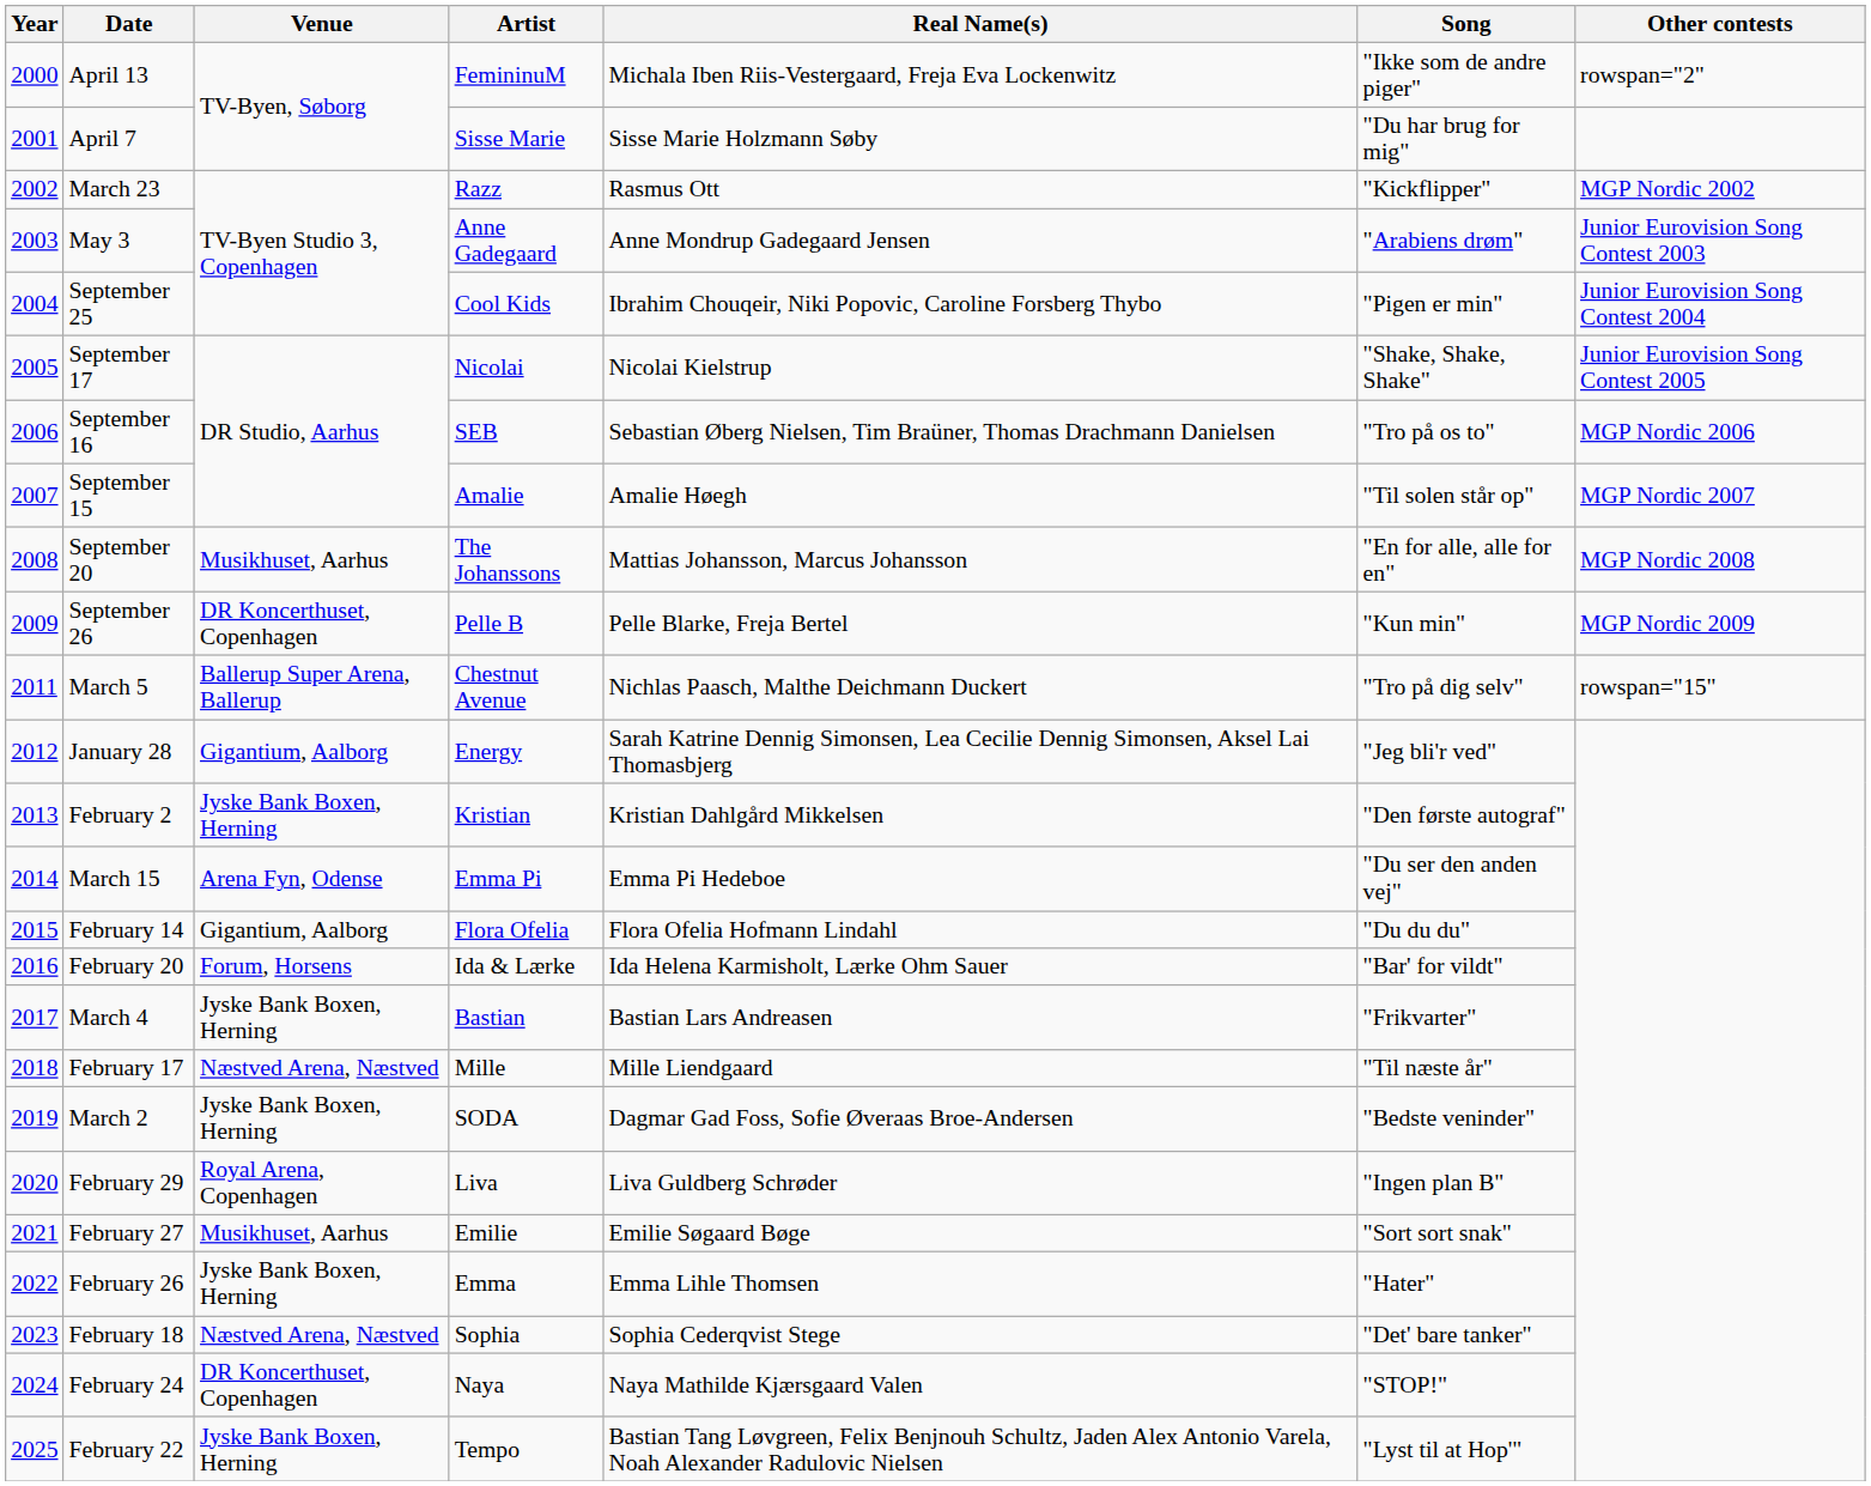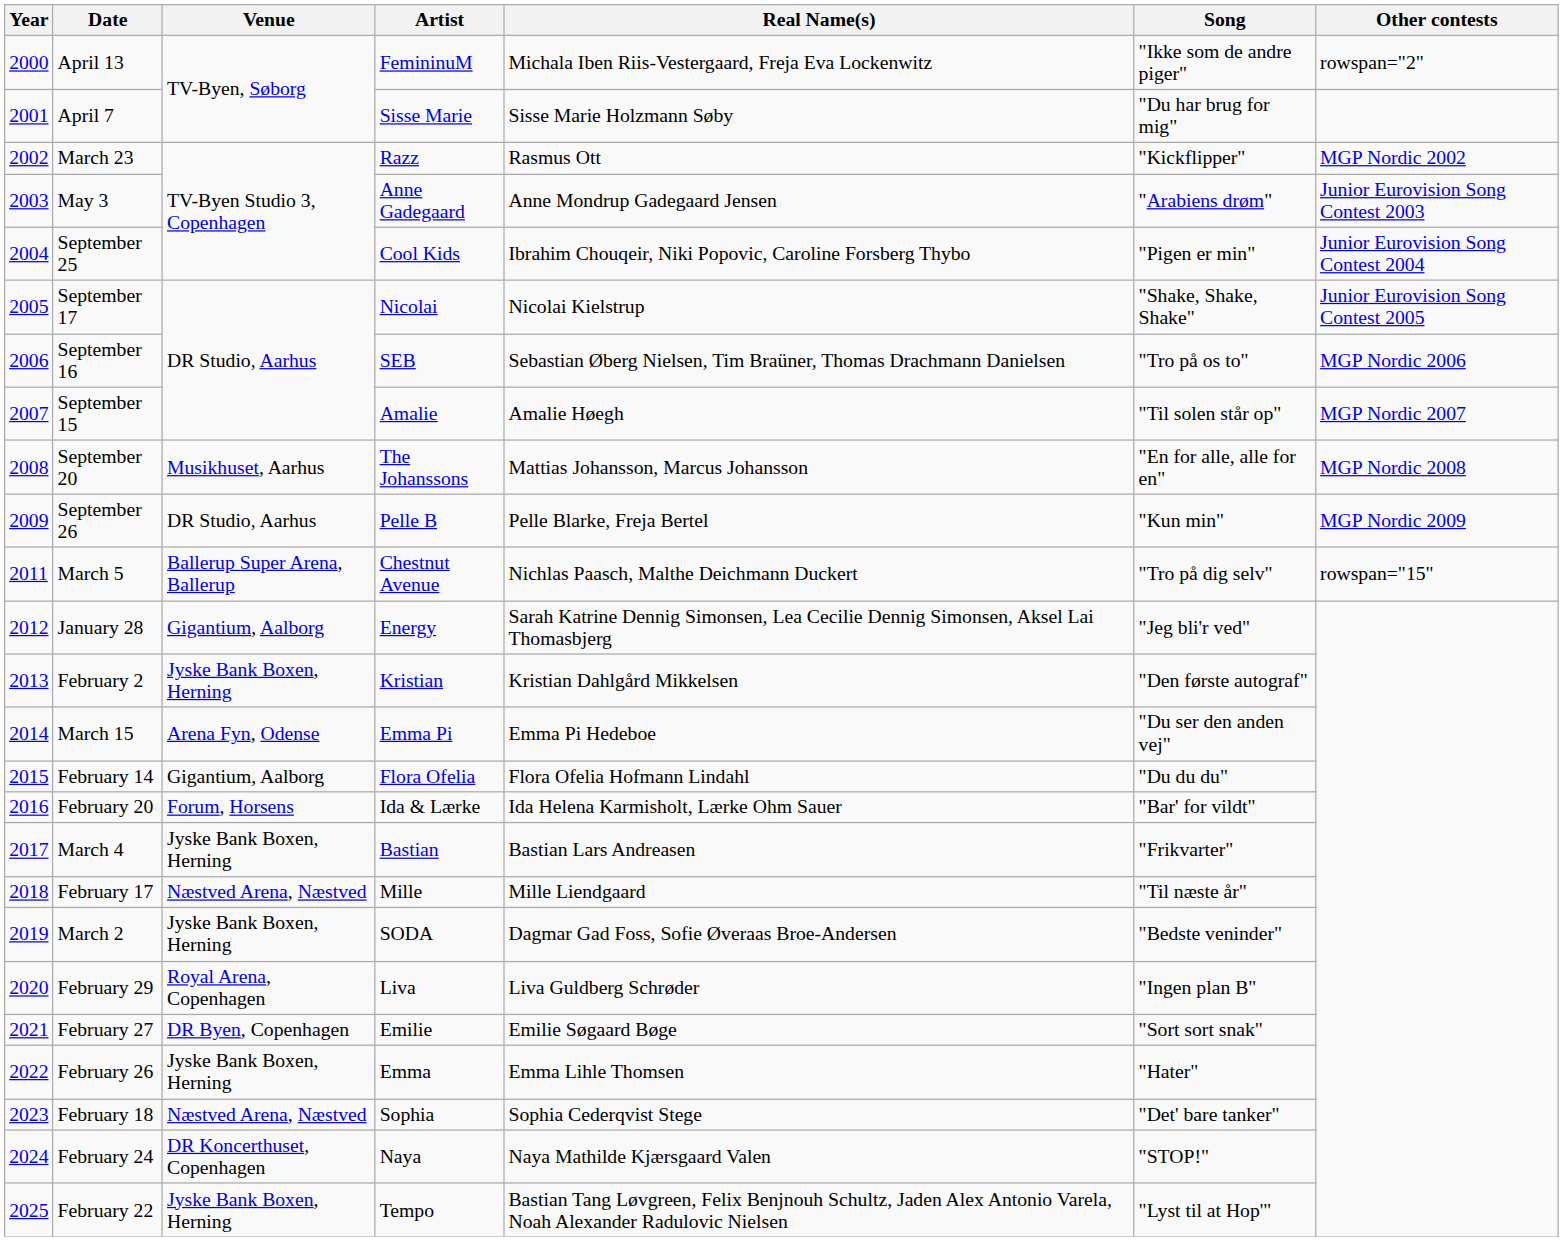 <table class="sortable wikitable" style="margin: 1em auto 1em auto" style="font-size:95%;">
 <tr>
 <th>Year</th>
 <th>Date</th>
 <th>Venue</th>
 <th>Artist</th>
 <th>Real Name(s)</th>
 <th>Song </th>
 <th>Other contests</th>
 </tr>
 <tr>
 <td><a href='#'>2000</a></td>
 <td>April 13</td>
 <td rowspan="2">TV-Byen, <a href='#'>Søborg</a></td>
 <td><a href='#'>FemininuM</a></td>
 <td>Michala Iben Riis-Vestergaard, Freja Eva Lockenwitz</td>
 <td>"Ikke som de andre piger" </td>
 <td>rowspan="2" </td>
 </tr>
 <tr>
 <td><a href='#'>2001</a></td>
 <td>April 7</td>
 <td><a href='#'>Sisse Marie</a></td>
 <td>Sisse Marie Holzmann Søby</td>
 <td>"Du har brug for mig" </td>
 </tr>
 <tr>
 <td><a href='#'>2002</a></td>
 <td>March 23</td>
 <td rowspan="3">TV-Byen Studio 3, <a href='#'>Copenhagen</a></td>
 <td><a href='#'>Razz</a></td>
 <td>Rasmus Ott</td>
 <td>"Kickflipper" </td>
 <td><a href='#'>MGP Nordic 2002</a></td>
 </tr>
 <tr>
 <td><a href='#'>2003</a></td>
 <td>May 3</td>
 <td><a href='#'>Anne Gadegaard</a></td>
 <td>Anne Mondrup Gadegaard Jensen</td>
 <td>"<a href='#'>Arabiens drøm</a>" </td>
 <td><a href='#'>Junior Eurovision Song Contest 2003</a></td>
 </tr>
 <tr>
 <td><a href='#'>2004</a></td>
 <td>September 25</td>
 <td><a href='#'>Cool Kids</a></td>
 <td>Ibrahim Chouqeir, Niki Popovic, Caroline Forsberg Thybo</td>
 <td>"Pigen er min" </td>
 <td><a href='#'>Junior Eurovision Song Contest 2004</a></td>
 </tr>
 <tr>
 <td><a href='#'>2005</a></td>
 <td>September 17</td>
 <td rowspan="3">DR Studio, <a href='#'>Aarhus</a></td>
 <td><a href='#'>Nicolai</a></td>
 <td>Nicolai Kielstrup</td>
 <td>"Shake, Shake, Shake"</td>
 <td><a href='#'>Junior Eurovision Song Contest 2005</a></td>
 </tr>
 <tr>
 <td><a href='#'>2006</a></td>
 <td>September 16</td>
 <td><a href='#'>SEB</a></td>
 <td>Sebastian Øberg Nielsen, Tim Braüner, Thomas Drachmann Danielsen</td>
 <td>"Tro på os to" </td>
 <td><a href='#'>MGP Nordic 2006</a></td>
 </tr>
 <tr>
 <td><a href='#'>2007</a></td>
 <td>September 15</td>
 <td><a href='#'>Amalie</a></td>
 <td>Amalie Høegh</td>
 <td>"Til solen står op" </td>
 <td><a href='#'>MGP Nordic 2007</a></td>
 </tr>
 <tr>
 <td><a href='#'>2008</a></td>
 <td>September 20</td>
 <td><a href='#'>Musikhuset</a>, Aarhus</td>
 <td><a href='#'>The Johanssons</a></td>
 <td>Mattias Johansson, Marcus Johansson</td>
 <td>"En for alle, alle for en" </td>
 <td><a href='#'>MGP Nordic 2008</a></td>
 </tr>
 <tr>
 <td><a href='#'>2009</a></td>
 <td>September 26</td>
-<td><a href='#'>DR Koncerthuset</a>, Copenhagen</td>
+<td>DR Studio, Aarhus</td>
 <td><a href='#'>Pelle B</a></td>
 <td>Pelle Blarke, Freja Bertel</td>
 <td>"Kun min" </td>
 <td><a href='#'>MGP Nordic 2009</a></td>
 </tr>
 <tr>
 <td><a href='#'>2011</a></td>
 <td>March 5</td>
 <td><a href='#'>Ballerup Super Arena</a>, <a href='#'>Ballerup</a></td>
 <td><a href='#'>Chestnut Avenue</a></td>
 <td>Nichlas Paasch, Malthe Deichmann Duckert</td>
 <td>"Tro på dig selv" </td>
 <td>rowspan="15" </td>
 </tr>
 <tr>
 <td><a href='#'>2012</a></td>
 <td>January 28</td>
 <td><a href='#'>Gigantium</a>, <a href='#'>Aalborg</a></td>
 <td><a href='#'>Energy</a></td>
 <td>Sarah Katrine Dennig Simonsen, Lea Cecilie Dennig Simonsen, Aksel Lai Thomasbjerg</td>
 <td>"Jeg bli'r ved" </td>
 </tr>
 <tr>
 <td><a href='#'>2013</a></td>
 <td>February 2</td>
 <td><a href='#'>Jyske Bank Boxen</a>, <a href='#'>Herning</a></td>
 <td><a href='#'>Kristian</a></td>
 <td>Kristian Dahlgård Mikkelsen</td>
 <td>"Den første autograf" </td>
 </tr>
 <tr>
 <td><a href='#'>2014</a></td>
 <td>March 15</td>
 <td><a href='#'>Arena Fyn</a>, <a href='#'>Odense</a></td>
 <td><a href='#'>Emma Pi</a></td>
 <td>Emma Pi Hedeboe</td>
 <td>"Du ser den anden vej" </td>
 </tr>
 <tr>
 <td><a href='#'>2015</a></td>
 <td>February 14</td>
 <td>Gigantium, Aalborg</td>
 <td><a href='#'>Flora Ofelia</a></td>
 <td>Flora Ofelia Hofmann Lindahl</td>
 <td>"Du du du" </td>
 </tr>
 <tr>
 <td><a href='#'>2016</a></td>
 <td>February 20</td>
 <td><a href='#'>Forum</a>, <a href='#'>Horsens</a></td>
 <td>Ida & Lærke</td>
 <td>Ida Helena Karmisholt, Lærke Ohm Sauer</td>
 <td>"Bar' for vildt" </td>
 </tr>
 <tr>
 <td><a href='#'>2017</a></td>
 <td>March 4</td>
 <td>Jyske Bank Boxen, Herning</td>
 <td><a href='#'>Bastian</a></td>
 <td>Bastian Lars Andreasen</td>
 <td>"Frikvarter" </td>
 </tr>
 <tr>
 <td><a href='#'>2018</a></td>
 <td>February 17</td>
 <td><a href='#'>Næstved Arena</a>, <a href='#'>Næstved</a></td>
 <td>Mille</td>
 <td>Mille Liendgaard</td>
 <td>"Til næste år" </td>
 </tr>
 <tr>
 <td><a href='#'>2019</a></td>
 <td>March 2</td>
 <td>Jyske Bank Boxen, Herning</td>
 <td>SODA</td>
 <td>Dagmar Gad Foss, Sofie Øveraas Broe-Andersen</td>
 <td>"Bedste veninder" </td>
 </tr>
 <tr>
 <td><a href='#'>2020</a></td>
 <td>February 29</td>
 <td><a href='#'>Royal Arena</a>, Copenhagen</td>
 <td>Liva</td>
 <td>Liva Guldberg Schrøder</td>
 <td>"Ingen plan B" </td>
 </tr>
 <tr>
 <td><a href='#'>2021</a></td>
 <td>February 27</td>
-<td><a href='#'>Musikhuset</a>, Aarhus</td>
+<td><a href='#'>DR Byen</a>, Copenhagen</td>
 <td>Emilie</td>
 <td>Emilie Søgaard Bøge</td>
 <td>"Sort sort snak" </td>
 </tr>
 <tr>
 <td><a href='#'>2022</a></td>
 <td>February 26</td>
 <td>Jyske Bank Boxen, Herning</td>
 <td>Emma</td>
 <td>Emma Lihle Thomsen</td>
 <td>"Hater"</td>
 </tr>
 <tr>
 <td><a href='#'>2023</a></td>
 <td>February 18</td>
 <td><a href='#'>Næstved Arena</a>, <a href='#'>Næstved</a></td>
 <td>Sophia</td>
 <td>Sophia Cederqvist Stege</td>
 <td>"Det' bare tanker" </td>
 </tr>
 <tr>
 <td><a href='#'>2024</a></td>
 <td>February 24</td>
 <td><a href='#'>DR Koncerthuset</a>, Copenhagen</td>
 <td>Naya</td>
 <td>Naya Mathilde Kjærsgaard Valen</td>
 <td>"STOP!" </td>
 </tr>
 <tr>
 <td><a href='#'>2025</a></td>
 <td>February 22</td>
 <td><a href='#'>Jyske Bank Boxen</a>, Herning</td>
 <td>Tempo</td>
 <td>Bastian Tang Løvgreen, Felix Benjnouh Schultz, Jaden Alex Antonio Varela, Noah Alexander Radulovic Nielsen</td>
 <td>"Lyst til at Hop'" </td>
 </tr>
 </table>
